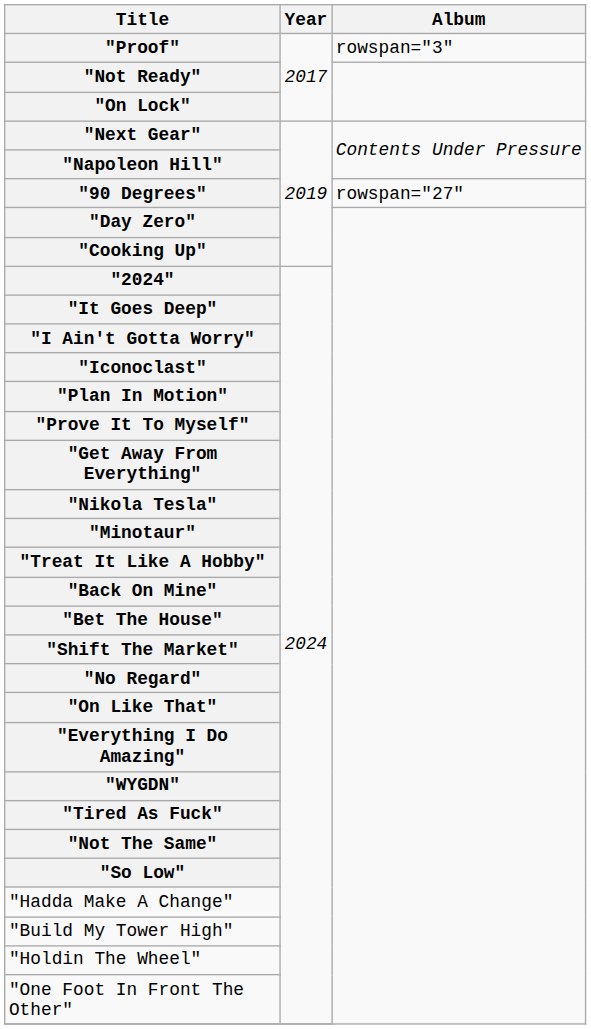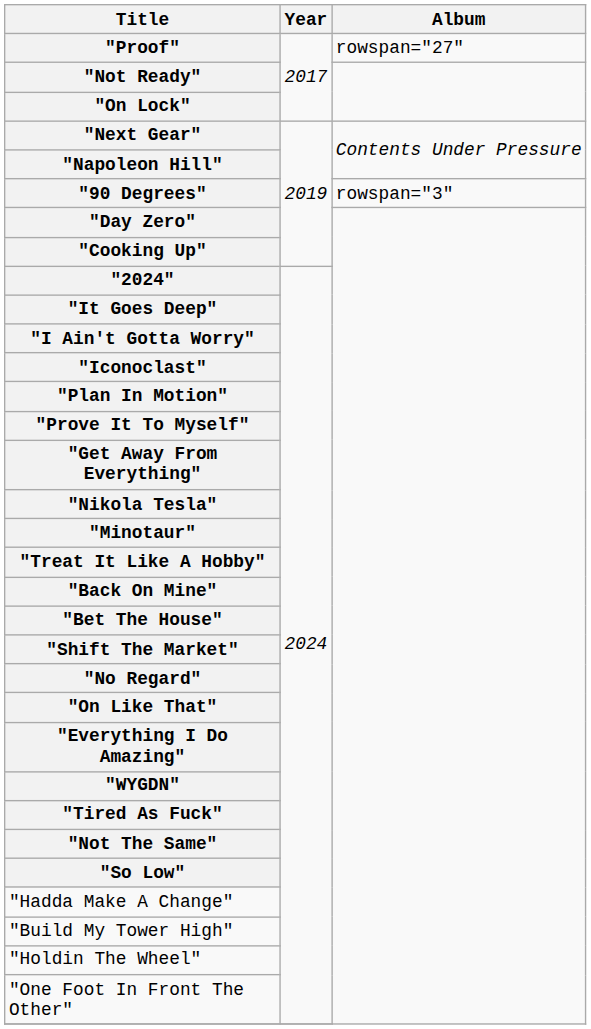 <table class="wikitable plainrowheaders" style="text-align:left;">
 <tr>
 <th scope="col" style="width:15em;">Title</th>
 <th scope="col">Year</th>
 <th scope="col">Album</th>
 </tr>
 <tr>
 <th scope="row">"Proof"</th>
 <td rowspan="3"><em>2017</em></td>
-<td>rowspan="3" </td>
+<td>rowspan="27" </td>
 </tr>
 <tr>
 <th scope="row">"Not Ready"</th>
 </tr>
 <tr>
 <th scope="row">"On Lock"</th>
 </tr>
 <tr>
 <th scope="row">"Next Gear"</th>
 <td rowspan="5"><em>2019</em></td>
 <td rowspan="2"><em>Contents Under Pressure</em></td>
 </tr>
 <tr>
 <th scope="row">"Napoleon Hill"</th>
 </tr>
 <tr>
 <th scope="row">"90 Degrees"</th>
-<td>rowspan="27" </td>
+<td>rowspan="3" </td>
 </tr>
 <tr>
 <th scope="row">"Day Zero"</th>
 </tr>
 <tr>
 <th scope="row">"Cooking Up"</th>
 </tr>
 <tr>
 <th scope="row">"2024"</th>
 <td rowspan=24><em>2024</em></td>
 </tr>
 <tr>
 <th scope="row">"It Goes Deep"</th>
 </tr>
 <tr>
 <th scope="row">"I Ain't Gotta Worry"</th>
 </tr>
 <tr>
 <th scope="row">"Iconoclast"</th>
 </tr>
 <tr>
 <th scope="row">"Plan In Motion"</th>
 </tr>
 <tr>
 <th scope="row">"Prove It To Myself"</th>
 </tr>
 <tr>
 <th scope="row">"Get Away From Everything"</th>
 </tr>
 <tr>
 <th scope="row">"Nikola Tesla"</th>
 </tr>
 <tr>
 <th scope="row">"Minotaur"</th>
 </tr>
 <tr>
 <th scope="row">"Treat It Like A Hobby"</th>
 </tr>
 <tr>
 <th scope="row">"Back On Mine"</th>
 </tr>
 <tr>
 <th scope="row">"Bet The House"</th>
 </tr>
 <tr>
 <th scope="row">"Shift The Market"</th>
 </tr>
 <tr>
 <th scope="row">"No Regard"</th>
 </tr>
 <tr>
 <th scope="row">"On Like That"</th>
 </tr>
 <tr>
 <th scope="row">"Everything I Do Amazing"</th>
 </tr>
 <tr>
 <th scope="row">"WYGDN"</th>
 </tr>
 <tr>
 <th scope="row">"Tired As Fuck"</th>
 </tr>
 <tr>
 <th scope="row">"Not The Same"</th>
 </tr>
 <tr>
 <th scope="row">"So Low"</th>
 </tr>
 <tr>
 <td scope="row">"Hadda Make A Change"</td>
 </tr>
 <tr>
 <td scope="row">"Build My Tower High"</td>
 </tr>
 <tr>
 <td scope="row">"Holdin The Wheel"</td>
 </tr>
 <tr>
 <td scope="row">"One Foot In Front The Other"</td>
 </tr>
 <tr>
 </tr>
 </table>
